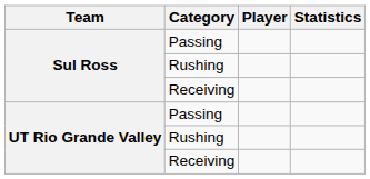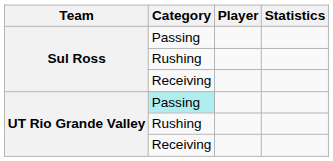 <table class="wikitable" style="float:right">
 <tr>
 <th>Team</th>
 <th>Category</th>
 <th>Player</th>
 <th>Statistics</th>
 </tr>
 <tr>
 <th rowspan=3>Sul Ross</th>
 <td>Passing</td>
 <td></td>
 <td></td>
 </tr>
 <tr>
 <td>Rushing</td>
 <td></td>
 <td></td>
 </tr>
 <tr>
 <td>Receiving</td>
 <td></td>
 <td></td>
 </tr>
 <tr>
 <th rowspan=3>UT Rio Grande Valley</th>
-<td>Passing</td>
+<td style="background: paleturquoise;">Passing</td>
 <td></td>
 <td></td>
 </tr>
 <tr>
 <td>Rushing</td>
 <td></td>
 <td></td>
 </tr>
 <tr>
 <td>Receiving</td>
 <td></td>
 <td></td>
 </tr>
 </table>
